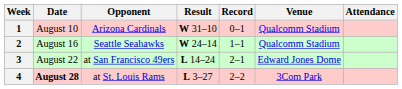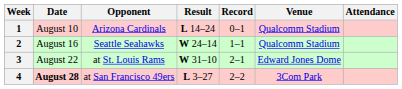 <table class="wikitable" style="text-align:center">
 <tr>
 <th>Week</th>
 <th>Date</th>
 <th>Opponent</th>
 <th>Result</th>
 <th>Record</th>
 <th>Venue</th>
 <th>Attendance</th>
 </tr>
 <tr style="background: #fcc;">
 <th>1</th>
 <td>August 10</td>
 <td><a href='#'>Arizona Cardinals</a></td>
-<td><strong>W</strong> 31–10</td>
+<td><strong>L</strong> 14–24</td>
 <td>0–1</td>
 <td><a href='#'>Qualcomm Stadium</a></td>
 <td></td>
 </tr>
 <tr style="background: #cfc;">
 <th>2</th>
 <td>August 16</td>
 <td><a href='#'>Seattle Seahawks</a></td>
 <td><strong>W</strong> 24–14</td>
 <td>1–1</td>
 <td><a href='#'>Qualcomm Stadium</a></td>
 <td></td>
 </tr>
 <tr style="background: #cfc;">
 <th>3</th>
 <td>August 22</td>
-<td>at <a href='#'>San Francisco 49ers</a></td>
-<td><strong>L</strong> 14–24</td>
+<td>at <a href='#'>St. Louis Rams</a></td>
+<td><strong>W</strong> 31–10</td>
 <td>2–1</td>
 <td><a href='#'>Edward Jones Dome</a></td>
 <td></td>
 </tr>
 <tr style="background: #fcc;">
 <th>4</th>
 <td><strong>August 28</strong></td>
-<td>at <a href='#'>St. Louis Rams</a></td>
+<td>at <a href='#'>San Francisco 49ers</a></td>
 <td><strong>L</strong> 3–27</td>
 <td>2–2</td>
 <td><a href='#'>3Com Park</a></td>
 <td></td>
 </tr>
 </table>
